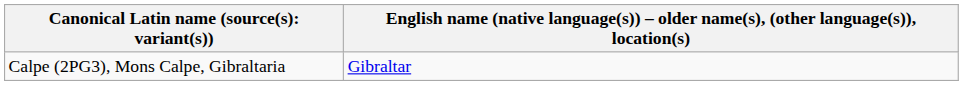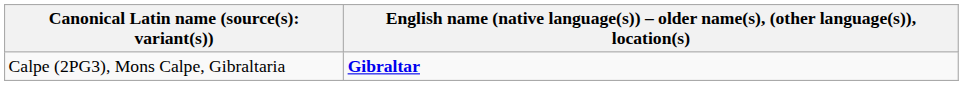 <table class="wikitable">
 <tr>
 <th>Canonical Latin name (source(s): variant(s))</th>
 <th>English name (native language(s)) – older name(s), (other language(s)), location(s)</th>
 </tr>
 <tr>
 <td>Calpe (2PG3), Mons Calpe, Gibraltaria</td>
-<td><a href='#'>Gibraltar</a></td>
+<td><strong><a href='#'>Gibraltar</a></strong></td>
 </tr>
 </table>
